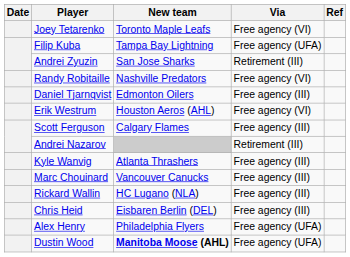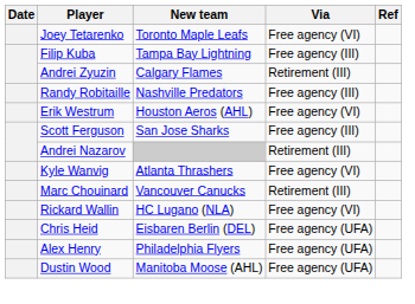 <table class="wikitable plainrowheaders">
 <tr style="background:#ddd; text-align:center;">
 <th>Date</th>
 <th>Player</th>
 <th>New team</th>
 <th>Via</th>
 <th>Ref</th>
 </tr>
 <tr>
 <th scope="row"></th>
 <td><a href='#'>Joey Tetarenko</a></td>
 <td><a href='#'>Toronto Maple Leafs</a></td>
 <td>Free agency (VI)</td>
 <td></td>
 </tr>
 <tr>
 <th scope="row" rowspan=2></th>
 <td><a href='#'>Filip Kuba</a></td>
 <td><a href='#'>Tampa Bay Lightning</a></td>
-<td>Free agency (UFA)</td>
+<td>Free agency (III)</td>
 <td></td>
 </tr>
 <tr>
 <td><a href='#'>Andrei Zyuzin</a></td>
-<td><a href='#'>San Jose Sharks</a></td>
+<td><a href='#'>Calgary Flames</a></td>
 <td>Retirement (III)</td>
 <td></td>
 </tr>
 <tr>
 <th scope="row"></th>
 <td><a href='#'>Randy Robitaille</a></td>
 <td><a href='#'>Nashville Predators</a></td>
-<td>Free agency (VI)</td>
-<td></td>
-</tr>
-<tr>
-<th scope="row"></th>
-<td><a href='#'>Daniel Tjarnqvist</a></td>
-<td><a href='#'>Edmonton Oilers</a></td>
 <td>Free agency (III)</td>
 <td></td>
 </tr>
 <tr>
 <th scope="row"></th>
 <td><a href='#'>Erik Westrum</a></td>
 <td><a href='#'>Houston Aeros</a> (<a href='#'>AHL</a>)</td>
 <td>Free agency (VI)</td>
 <td></td>
 </tr>
 <tr>
 <th scope="row" rowspan=2></th>
 <td><a href='#'>Scott Ferguson</a></td>
-<td><a href='#'>Calgary Flames</a></td>
+<td><a href='#'>San Jose Sharks</a></td>
 <td>Free agency (III)</td>
 <td></td>
 </tr>
 <tr>
 <td><a href='#'>Andrei Nazarov</a></td>
 <td style="background:#ccc"></td>
 <td>Retirement (III)</td>
 <td></td>
 </tr>
 <tr>
 <th scope="row"></th>
 <td><a href='#'>Kyle Wanvig</a></td>
 <td><a href='#'>Atlanta Thrashers</a></td>
-<td>Free agency (III)</td>
+<td>Free agency (VI)</td>
 <td></td>
 </tr>
 <tr>
 <th scope="row"></th>
 <td><a href='#'>Marc Chouinard</a></td>
 <td><a href='#'>Vancouver Canucks</a></td>
-<td>Free agency (III)</td>
+<td>Retirement (III)</td>
 <td></td>
 </tr>
 <tr>
 <th scope="row"></th>
 <td><a href='#'>Rickard Wallin</a></td>
 <td><a href='#'>HC Lugano</a> (<a href='#'>NLA</a>)</td>
-<td>Free agency (III)</td>
+<td>Free agency (VI)</td>
 <td></td>
 </tr>
 <tr>
 <th scope="row"></th>
 <td><a href='#'>Chris Heid</a></td>
 <td><a href='#'>Eisbaren Berlin</a> (<a href='#'>DEL</a>)</td>
-<td>Free agency (III)</td>
+<td>Free agency (UFA)</td>
 <td></td>
 </tr>
 <tr>
 <th scope="row"></th>
 <td><a href='#'>Alex Henry</a></td>
 <td><a href='#'>Philadelphia Flyers</a></td>
 <td>Free agency (UFA)</td>
 <td></td>
 </tr>
 <tr>
 <th scope="row"></th>
 <td><a href='#'>Dustin Wood</a></td>
-<td><strong><a href='#'>Manitoba Moose</a> (AHL)</strong></td>
+<td><a href='#'>Manitoba Moose</a> (AHL)</td>
 <td>Free agency (UFA)</td>
 <td></td>
 </tr>
 </table>
